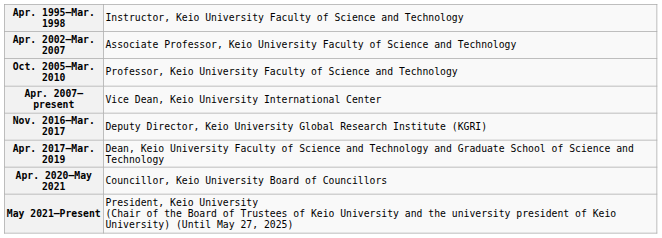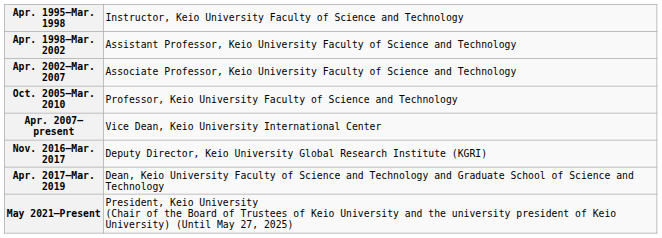 <table class="wikitable">
 <tr>
 <th>Apr. 1995–Mar. 1998</th>
 <td>Instructor, Keio University Faculty of Science and Technology</td>
+</tr>
+<tr>
+<th>Apr. 1998–Mar. 2002</th>
+<td>Assistant Professor, Keio University Faculty of Science and Technology</td>
 </tr>
 <tr>
 <th>Apr. 2002–Mar. 2007</th>
 <td>Associate Professor, Keio University Faculty of Science and Technology</td>
 </tr>
 <tr>
 <th>Oct. 2005–Mar. 2010</th>
 <td>Professor, Keio University Faculty of Science and Technology</td>
 </tr>
 <tr>
 <th>Apr. 2007–present</th>
 <td>Vice Dean, Keio University International Center</td>
 </tr>
 <tr>
 <th>Nov. 2016–Mar. 2017</th>
 <td>Deputy Director, Keio University Global Research Institute (KGRI)</td>
 </tr>
 <tr>
 <th>Apr. 2017–Mar. 2019</th>
 <td>Dean, Keio University Faculty of Science and Technology and Graduate School of Science and Technology</td>
 </tr>
 <tr>
-<th>Apr. 2020–May 2021</th>
-<td>Councillor, Keio University Board of Councillors</td>
-</tr>
-<tr>
 <th>May 2021–Present</th>
 <td>President, Keio University<br>(Chair of the Board of Trustees of Keio University and the university president of Keio University)  (Until May 27, 2025)</td>
 </tr>
 </table>
